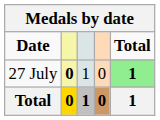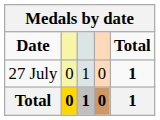 <table class="wikitable" style="font-size:85%">
 <tr bgcolor="#efefef">
 <th colspan=6>Medals by date</th>
 </tr>
 <tr align=center>
 <td><strong>Date</strong></td>
 <td bgcolor=#f7f6a8></td>
 <td bgcolor=#dce5e5></td>
 <td bgcolor=#ffdab9></td>
 <td><strong>Total</strong></td>
 </tr>
 <tr align=center>
 <td>27 July</td>
-<td style="background:#F7F6A8;"><strong>0</strong></td>
+<td style="background:#F7F6A8;">0</td>
 <td style="background:#DCE5E5;">1</td>
 <td style="background:#FFDAB9;">0</td>
-<td style="background: lightgreen;"><strong>1</strong></td>
+<td><strong>1</strong></td>
 </tr>
 <tr align=center>
 <th><strong>Total</strong></th>
 <th style="background:gold;"><strong>0</strong></th>
 <th style="background:silver;"><strong>1</strong></th>
 <th style="background:#c96;"><strong>0</strong></th>
 <th>1</th>
 </tr>
 </table>
